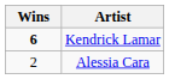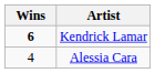 <table class="wikitable" rowspan="2" style="text-align:center">
 <tr>
 <th scope="col" style="width:55px;">Wins</th>
 <th scope="col" style="text-align:center;">Artist</th>
 </tr>
 <tr>
 <td style="text-align:center"><strong>6</strong></td>
 <td><a href='#'>Kendrick Lamar</a></td>
 </tr>
 <tr>
-<td style="text-align:center">2</td>
+<td style="text-align:center">4</td>
 <td><a href='#'>Alessia Cara</a></td>
 </tr>
 </table>
